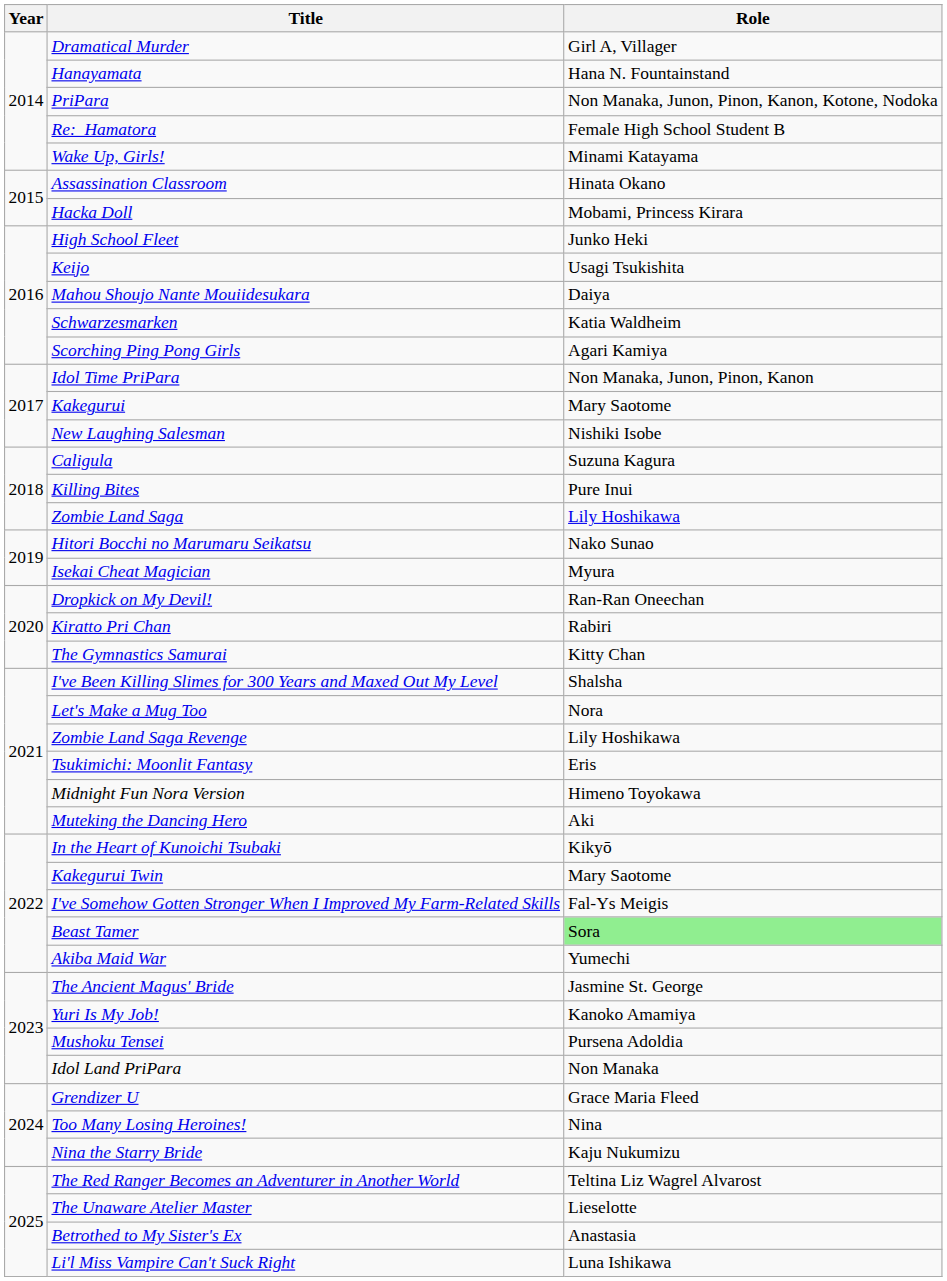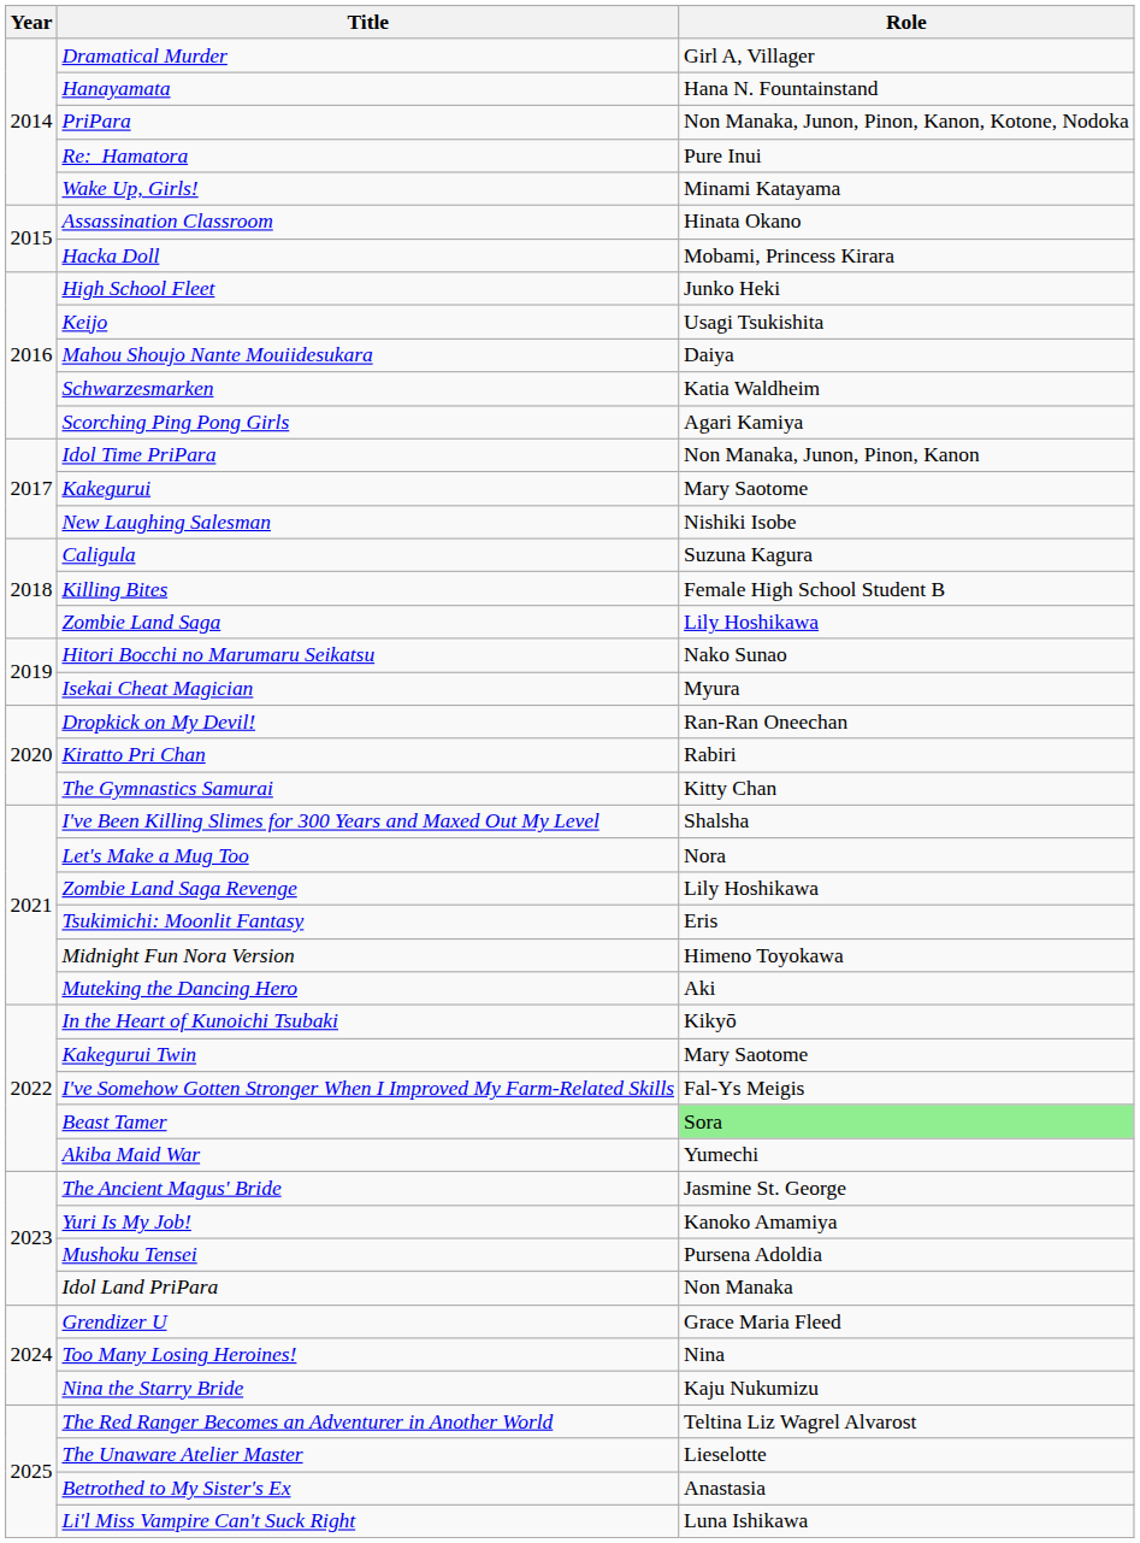 <table class="wikitable">
 <tr>
 <th>Year</th>
 <th>Title</th>
 <th>Role</th>
 </tr>
 <tr>
 <td rowspan="5">2014</td>
 <td><em><a href='#'>Dramatical Murder</a></em></td>
 <td>Girl A, Villager</td>
 </tr>
 <tr>
 <td><em><a href='#'>Hanayamata</a></em></td>
 <td>Hana N. Fountainstand</td>
 </tr>
 <tr>
 <td><em><a href='#'>PriPara</a></em></td>
 <td>Non Manaka, Junon, Pinon, Kanon, Kotone, Nodoka</td>
 </tr>
 <tr>
 <td><em><a href='#'>Re:_Hamatora</a></em></td>
-<td>Female High School Student B</td>
+<td>Pure Inui</td>
 </tr>
 <tr>
 <td><em><a href='#'>Wake Up, Girls!</a></em></td>
 <td>Minami Katayama</td>
 </tr>
 <tr>
 <td rowspan="2">2015</td>
 <td><em><a href='#'>Assassination Classroom</a></em></td>
 <td>Hinata Okano</td>
 </tr>
 <tr>
 <td><em><a href='#'>Hacka Doll</a></em></td>
 <td>Mobami, Princess Kirara</td>
 </tr>
 <tr>
 <td rowspan="5">2016</td>
 <td><em><a href='#'>High School Fleet</a></em></td>
 <td>Junko Heki</td>
 </tr>
 <tr>
 <td><em><a href='#'>Keijo</a></em></td>
 <td>Usagi Tsukishita</td>
 </tr>
 <tr>
 <td><em><a href='#'>Mahou Shoujo Nante Mouiidesukara</a></em></td>
 <td>Daiya</td>
 </tr>
 <tr>
 <td><em><a href='#'>Schwarzesmarken</a></em></td>
 <td>Katia Waldheim</td>
 </tr>
 <tr>
 <td><em><a href='#'>Scorching Ping Pong Girls</a></em></td>
 <td>Agari Kamiya</td>
 </tr>
 <tr>
 <td rowspan="3">2017</td>
 <td><em><a href='#'>Idol Time PriPara</a></em></td>
 <td>Non Manaka, Junon, Pinon, Kanon</td>
 </tr>
 <tr>
 <td><em><a href='#'>Kakegurui</a></em></td>
 <td>Mary Saotome</td>
 </tr>
 <tr>
 <td><em><a href='#'>New Laughing Salesman</a></em></td>
 <td>Nishiki Isobe</td>
 </tr>
 <tr>
 <td rowspan="3">2018</td>
 <td><em><a href='#'>Caligula</a></em></td>
 <td>Suzuna Kagura</td>
 </tr>
 <tr>
 <td><em><a href='#'>Killing Bites</a></em></td>
-<td>Pure Inui</td>
+<td>Female High School Student B</td>
 </tr>
 <tr>
 <td><em><a href='#'>Zombie Land Saga</a></em></td>
 <td><a href='#'>Lily Hoshikawa</a></td>
 </tr>
 <tr>
 <td rowspan="2">2019</td>
 <td><em><a href='#'>Hitori Bocchi no Marumaru Seikatsu</a></em></td>
 <td>Nako Sunao</td>
 </tr>
 <tr>
 <td><em><a href='#'>Isekai Cheat Magician</a></em></td>
 <td>Myura</td>
 </tr>
 <tr>
 <td rowspan="3">2020</td>
 <td><em><a href='#'>Dropkick on My Devil!</a></em></td>
 <td>Ran-Ran Oneechan</td>
 </tr>
 <tr>
 <td><em><a href='#'>Kiratto Pri Chan</a></em></td>
 <td>Rabiri</td>
 </tr>
 <tr>
 <td><em><a href='#'>The Gymnastics Samurai</a></em></td>
 <td>Kitty Chan</td>
 </tr>
 <tr>
 <td rowspan="6">2021</td>
 <td><em><a href='#'>I've Been Killing Slimes for 300 Years and Maxed Out My Level</a></em></td>
 <td>Shalsha</td>
 </tr>
 <tr>
 <td><em><a href='#'>Let's Make a Mug Too</a></em></td>
 <td>Nora</td>
 </tr>
 <tr>
 <td><em><a href='#'>Zombie Land Saga Revenge</a></em></td>
 <td>Lily Hoshikawa</td>
 </tr>
 <tr>
 <td><em><a href='#'>Tsukimichi: Moonlit Fantasy</a></em></td>
 <td>Eris</td>
 </tr>
 <tr>
 <td><em>Midnight Fun Nora Version</em></td>
 <td>Himeno Toyokawa</td>
 </tr>
 <tr>
 <td><em><a href='#'>Muteking the Dancing Hero</a></em></td>
 <td>Aki</td>
 </tr>
 <tr>
 <td rowspan="5">2022</td>
 <td><em><a href='#'>In the Heart of Kunoichi Tsubaki</a></em></td>
 <td>Kikyō</td>
 </tr>
 <tr>
 <td><em><a href='#'>Kakegurui Twin</a></em></td>
 <td>Mary Saotome</td>
 </tr>
 <tr>
 <td><em><a href='#'>I've Somehow Gotten Stronger When I Improved My Farm-Related Skills</a></em></td>
 <td>Fal-Ys Meigis</td>
 </tr>
 <tr>
 <td><em><a href='#'>Beast Tamer</a></em></td>
 <td style="background: lightgreen;">Sora</td>
 </tr>
 <tr>
 <td><em><a href='#'>Akiba Maid War</a></em></td>
 <td>Yumechi</td>
 </tr>
 <tr>
 <td rowspan="4">2023</td>
 <td><em><a href='#'>The Ancient Magus' Bride</a></em></td>
 <td>Jasmine St. George</td>
 </tr>
 <tr>
 <td><em><a href='#'>Yuri Is My Job!</a></em></td>
 <td>Kanoko Amamiya</td>
 </tr>
 <tr>
 <td><em><a href='#'>Mushoku Tensei</a></em></td>
 <td>Pursena Adoldia</td>
 </tr>
 <tr>
 <td><em>Idol Land PriPara</em></td>
 <td>Non Manaka</td>
 </tr>
 <tr>
 <td rowspan="3">2024</td>
 <td><em><a href='#'>Grendizer U</a></em></td>
 <td>Grace Maria Fleed</td>
 </tr>
 <tr>
 <td><em><a href='#'>Too Many Losing Heroines!</a></em></td>
 <td>Nina</td>
 </tr>
 <tr>
 <td><em><a href='#'>Nina the Starry Bride</a></em></td>
 <td>Kaju Nukumizu</td>
 </tr>
 <tr>
 <td rowspan="4">2025</td>
 <td><em><a href='#'>The Red Ranger Becomes an Adventurer in Another World</a></em></td>
 <td>Teltina Liz Wagrel Alvarost</td>
 </tr>
 <tr>
 <td><em><a href='#'>The Unaware Atelier Master</a></em></td>
 <td>Lieselotte</td>
 </tr>
 <tr>
 <td><em><a href='#'>Betrothed to My Sister's Ex</a></em></td>
 <td>Anastasia</td>
 </tr>
 <tr>
 <td><em><a href='#'>Li'l Miss Vampire Can't Suck Right</a></em></td>
 <td>Luna Ishikawa</td>
 </tr>
 </table>
